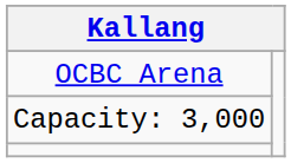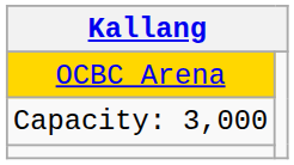 <table class="wikitable" style="margin:1em auto; text-align:center">
 <tr>
 <th colspan=2><a href='#'>Kallang</a></th>
 </tr>
 <tr>
-<td><a href='#'>OCBC Arena</a></td>
+<td style="background: gold;"><a href='#'>OCBC Arena</a></td>
 <td rowspan=3></td>
 </tr>
 <tr>
 <td>Capacity: 3,000</td>
 </tr>
 <tr>
 <td></td>
 </tr>
 </table>
